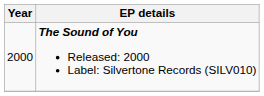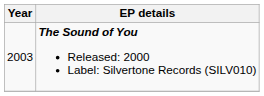 <table class="wikitable" style="text-align:center;">
 <tr>
 <th rowspan="1">Year</th>
 <th rowspan="1">EP details</th>
 </tr>
 <tr>
-<td>2000</td>
+<td>2003</td>
 <td align="left"><strong><em>The Sound of You</em></strong><br><ul><li>Released: 2000</li><li>Label: Silvertone Records (SILV010)</li></ul></td>
 </tr>
 <tr>
 </tr>
 </table>
